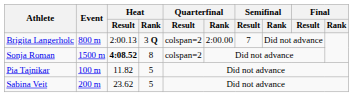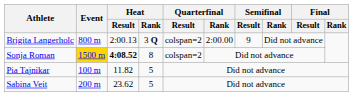 <table class=wikitable style="font-size:90%">
 <tr>
 <th rowspan="2">Athlete</th>
 <th rowspan="2">Event</th>
 <th colspan="2">Heat</th>
 <th colspan="2">Quarterfinal</th>
 <th colspan="2">Semifinal</th>
 <th colspan="2">Final</th>
 </tr>
 <tr style="font-size:95%">
 <th>Result</th>
 <th>Rank</th>
 <th>Result</th>
 <th>Rank</th>
 <th>Result</th>
 <th>Rank</th>
 <th>Result</th>
 <th>Rank</th>
 </tr>
 <tr align=center>
 <td align=left><a href='#'>Brigita Langerholc</a></td>
 <td align=left><a href='#'>800 m</a></td>
 <td>2:00.13</td>
 <td>3 <strong>Q</strong></td>
 <td>colspan=2 </td>
 <td>2:00.00</td>
-<td>7</td>
+<td>9</td>
 <td colspan=2>Did not advance</td>
 </tr>
 <tr align=center>
 <td align=left><a href='#'>Sonja Roman</a></td>
-<td align=left><a href='#'>1500 m</a></td>
+<td align=left style="background: gold;"><a href='#'>1500 m</a></td>
 <td><strong>4:08.52</strong></td>
 <td>8</td>
 <td>colspan=2 </td>
 <td colspan=4>Did not advance</td>
 </tr>
 <tr align=center>
 <td align=left><a href='#'>Pia Tajnikar</a></td>
 <td align=left><a href='#'>100 m</a></td>
 <td>11.82</td>
 <td>5</td>
 <td colspan=6>Did not advance</td>
 </tr>
 <tr align=center>
 <td align=left><a href='#'>Sabina Veit</a></td>
 <td align=left><a href='#'>200 m</a></td>
 <td>23.62</td>
 <td>5</td>
 <td colspan=6>Did not advance</td>
 </tr>
 </table>
